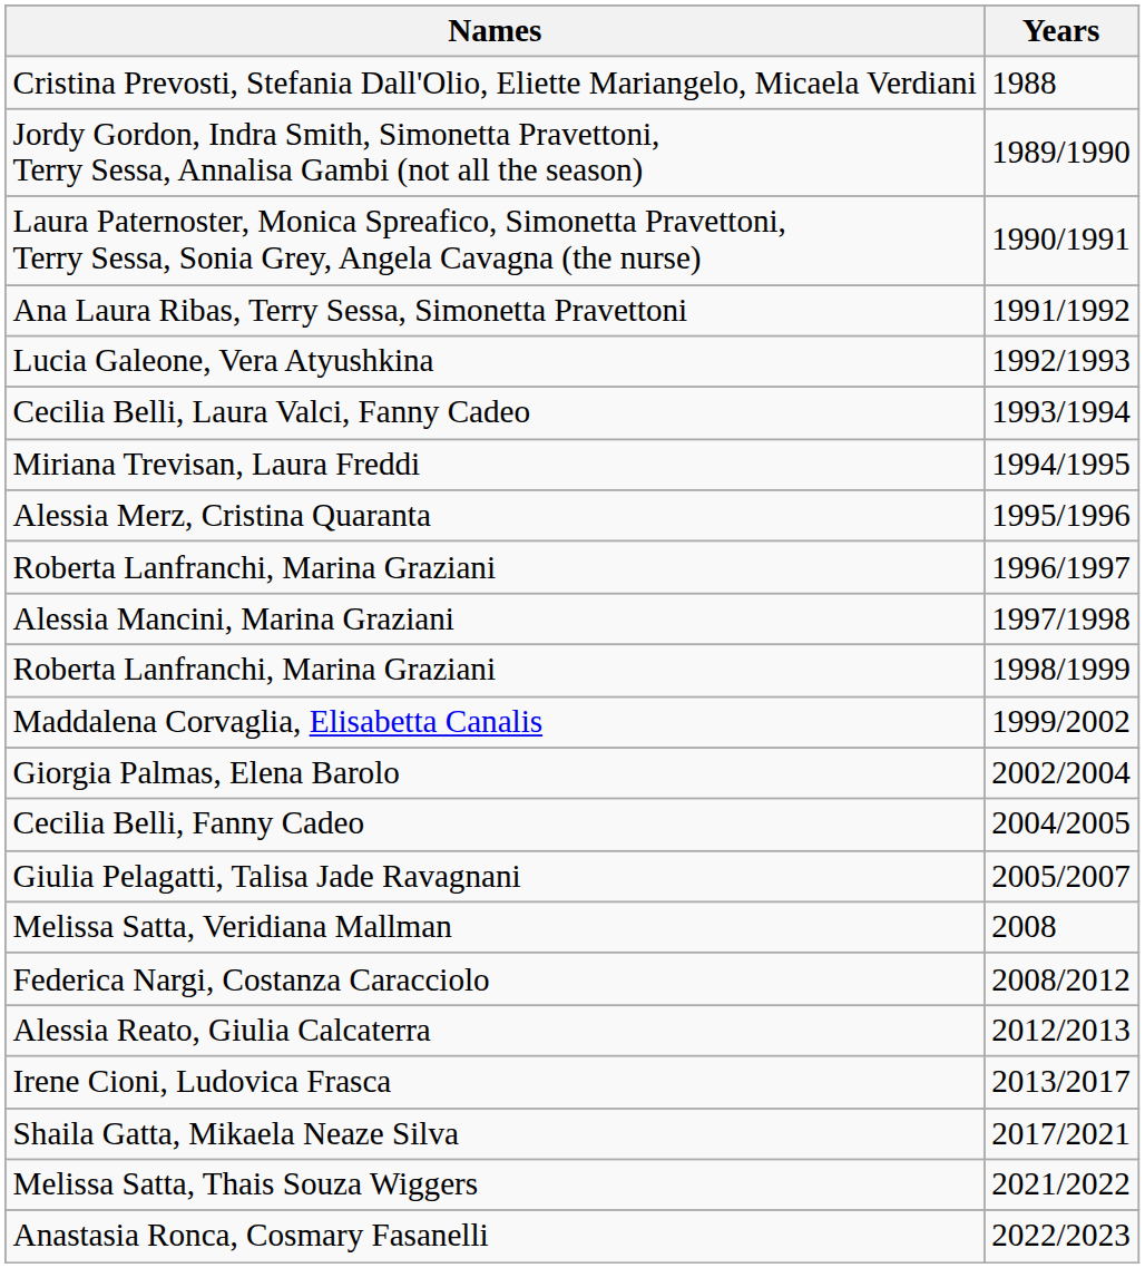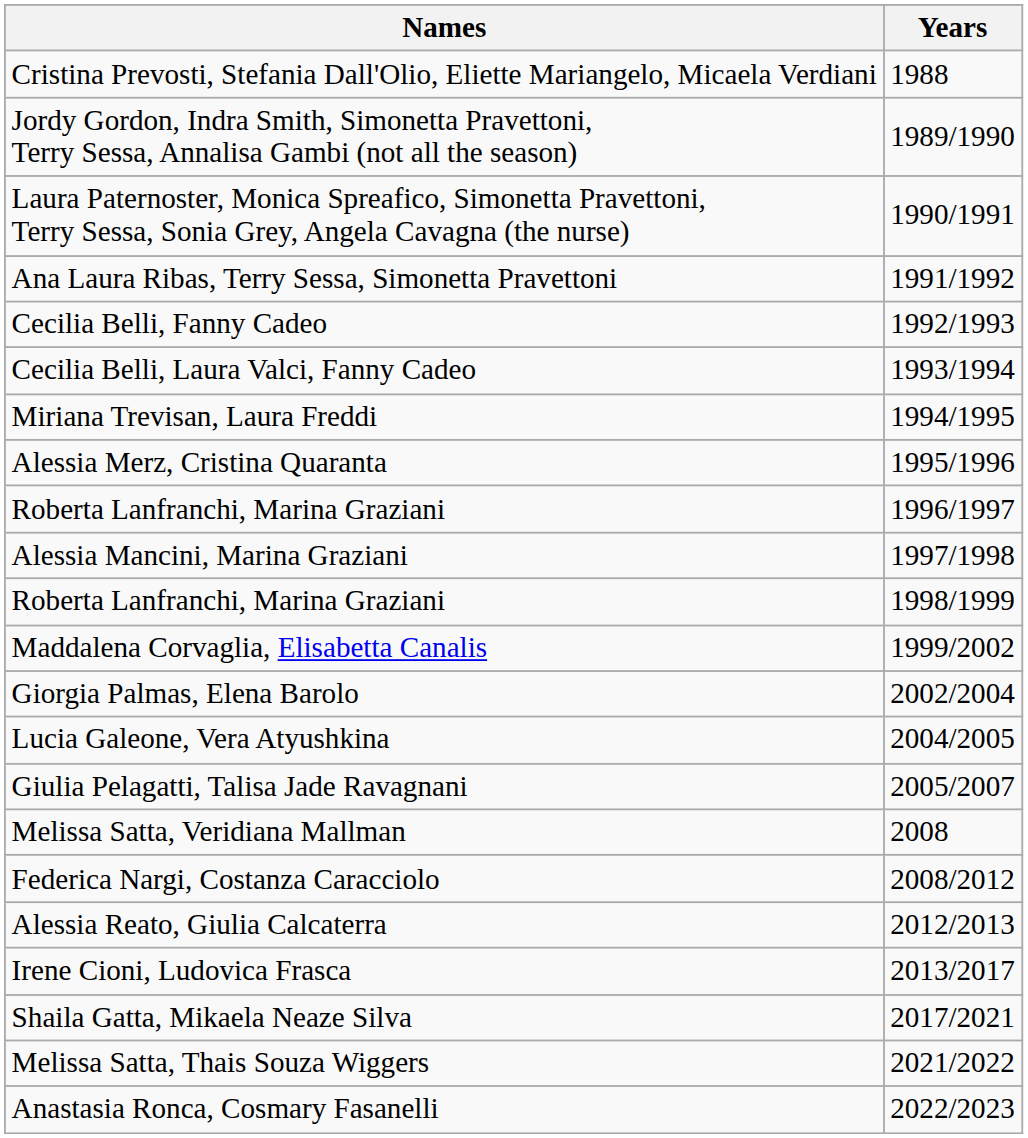 <table class="wikitable">
 <tr>
 <th>Names</th>
 <th>Years</th>
 </tr>
 <tr>
 <td>Cristina Prevosti, Stefania Dall'Olio, Eliette Mariangelo, Micaela Verdiani</td>
 <td>1988</td>
 </tr>
 <tr>
 <td>Jordy Gordon, Indra Smith, Simonetta Pravettoni, <br>Terry Sessa, Annalisa Gambi (not all the season)</td>
 <td>1989/1990</td>
 </tr>
 <tr>
 <td>Laura Paternoster, Monica Spreafico, Simonetta Pravettoni,<br> Terry Sessa, Sonia Grey, Angela Cavagna (the nurse)</td>
 <td>1990/1991</td>
 </tr>
 <tr>
 <td>Ana Laura Ribas, Terry Sessa, Simonetta Pravettoni</td>
 <td>1991/1992</td>
 </tr>
 <tr>
-<td>Lucia Galeone, Vera Atyushkina</td>
+<td>Cecilia Belli, Fanny Cadeo</td>
 <td>1992/1993</td>
 </tr>
 <tr>
 <td>Cecilia Belli, Laura Valci, Fanny Cadeo</td>
 <td>1993/1994</td>
 </tr>
 <tr>
 <td>Miriana Trevisan, Laura Freddi</td>
 <td>1994/1995</td>
 </tr>
 <tr>
 <td>Alessia Merz, Cristina Quaranta</td>
 <td>1995/1996</td>
 </tr>
 <tr>
 <td>Roberta Lanfranchi, Marina Graziani</td>
 <td>1996/1997</td>
 </tr>
 <tr>
 <td>Alessia Mancini, Marina Graziani</td>
 <td>1997/1998</td>
 </tr>
 <tr>
 <td>Roberta Lanfranchi, Marina Graziani</td>
 <td>1998/1999</td>
 </tr>
 <tr>
 <td>Maddalena Corvaglia, <a href='#'>Elisabetta Canalis</a></td>
 <td>1999/2002</td>
 </tr>
 <tr>
 <td>Giorgia Palmas, Elena Barolo</td>
 <td>2002/2004</td>
 </tr>
 <tr>
-<td>Cecilia Belli, Fanny Cadeo</td>
+<td>Lucia Galeone, Vera Atyushkina</td>
 <td>2004/2005</td>
 </tr>
 <tr>
 <td>Giulia Pelagatti, Talisa Jade Ravagnani</td>
 <td>2005/2007</td>
 </tr>
 <tr>
 <td>Melissa Satta, Veridiana Mallman</td>
 <td>2008</td>
 </tr>
 <tr>
 <td>Federica Nargi, Costanza Caracciolo</td>
 <td>2008/2012</td>
 </tr>
 <tr>
 <td>Alessia Reato, Giulia Calcaterra</td>
 <td>2012/2013</td>
 </tr>
 <tr>
 <td>Irene Cioni, Ludovica Frasca</td>
 <td>2013/2017</td>
 </tr>
 <tr>
 <td>Shaila Gatta, Mikaela Neaze Silva</td>
 <td>2017/2021</td>
 </tr>
 <tr>
 <td>Melissa Satta, Thais Souza Wiggers</td>
 <td>2021/2022</td>
 </tr>
 <tr>
 <td>Anastasia Ronca, Cosmary Fasanelli</td>
 <td>2022/2023</td>
 </tr>
 </table>
